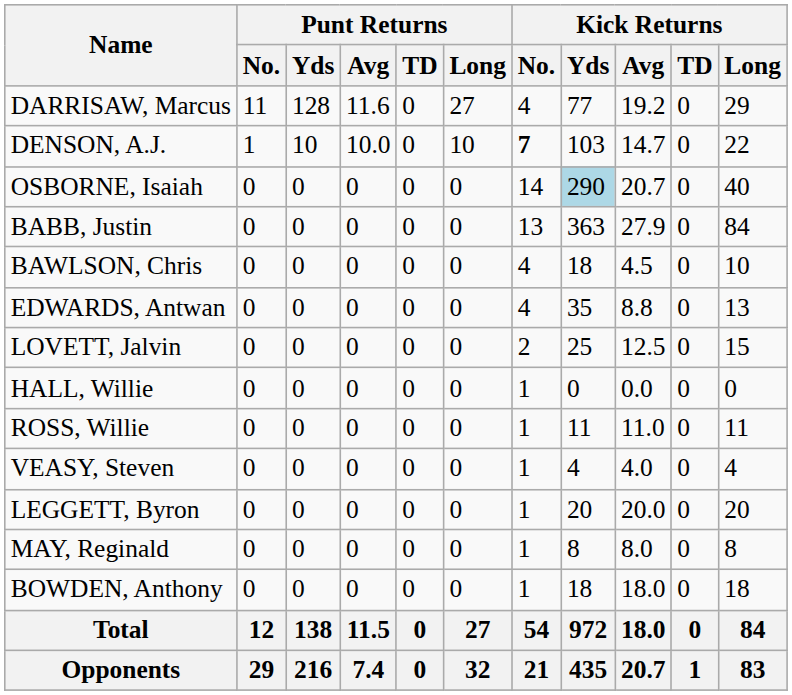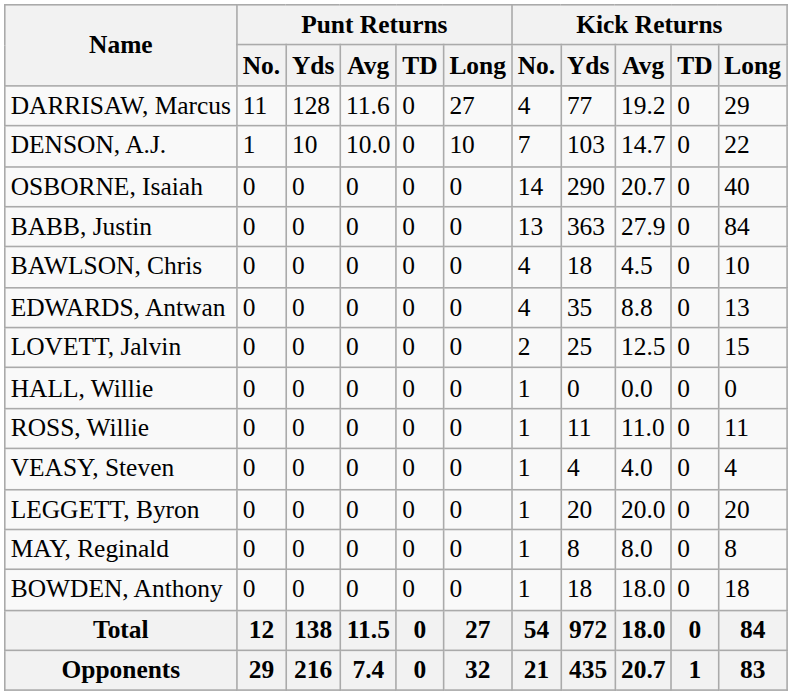 <table class="wikitable" style="white-space:nowrap;">
 <tr>
 <th rowspan="2">Name</th>
 <th colspan="5">Punt Returns</th>
 <th colspan="5">Kick Returns</th>
 </tr>
 <tr>
 <th>No.</th>
 <th>Yds</th>
 <th>Avg</th>
 <th>TD</th>
 <th>Long</th>
 <th>No.</th>
 <th>Yds</th>
 <th>Avg</th>
 <th>TD</th>
 <th>Long</th>
 </tr>
 <tr>
 <td>DARRISAW, Marcus</td>
 <td>11</td>
 <td>128</td>
 <td>11.6</td>
 <td>0</td>
 <td>27</td>
 <td>4</td>
 <td>77</td>
 <td>19.2</td>
 <td>0</td>
 <td>29</td>
 </tr>
 <tr>
 <td>DENSON, A.J.</td>
 <td>1</td>
 <td>10</td>
 <td>10.0</td>
 <td>0</td>
 <td>10</td>
-<td><strong>7</strong></td>
+<td>7</td>
 <td>103</td>
 <td>14.7</td>
 <td>0</td>
 <td>22</td>
 </tr>
 <tr>
 <td>OSBORNE, Isaiah</td>
 <td>0</td>
 <td>0</td>
 <td>0</td>
 <td>0</td>
 <td>0</td>
 <td>14</td>
-<td style="background: lightblue;">290</td>
+<td>290</td>
 <td>20.7</td>
 <td>0</td>
 <td>40</td>
 </tr>
 <tr>
 <td>BABB, Justin</td>
 <td>0</td>
 <td>0</td>
 <td>0</td>
 <td>0</td>
 <td>0</td>
 <td>13</td>
 <td>363</td>
 <td>27.9</td>
 <td>0</td>
 <td>84</td>
 </tr>
 <tr>
 <td>BAWLSON, Chris</td>
 <td>0</td>
 <td>0</td>
 <td>0</td>
 <td>0</td>
 <td>0</td>
 <td>4</td>
 <td>18</td>
 <td>4.5</td>
 <td>0</td>
 <td>10</td>
 </tr>
 <tr>
 <td>EDWARDS, Antwan</td>
 <td>0</td>
 <td>0</td>
 <td>0</td>
 <td>0</td>
 <td>0</td>
 <td>4</td>
 <td>35</td>
 <td>8.8</td>
 <td>0</td>
 <td>13</td>
 </tr>
 <tr>
 <td>LOVETT, Jalvin</td>
 <td>0</td>
 <td>0</td>
 <td>0</td>
 <td>0</td>
 <td>0</td>
 <td>2</td>
 <td>25</td>
 <td>12.5</td>
 <td>0</td>
 <td>15</td>
 </tr>
 <tr>
 <td>HALL, Willie</td>
 <td>0</td>
 <td>0</td>
 <td>0</td>
 <td>0</td>
 <td>0</td>
 <td>1</td>
 <td>0</td>
 <td>0.0</td>
 <td>0</td>
 <td>0</td>
 </tr>
 <tr>
 <td>ROSS, Willie</td>
 <td>0</td>
 <td>0</td>
 <td>0</td>
 <td>0</td>
 <td>0</td>
 <td>1</td>
 <td>11</td>
 <td>11.0</td>
 <td>0</td>
 <td>11</td>
 </tr>
 <tr>
 <td>VEASY, Steven</td>
 <td>0</td>
 <td>0</td>
 <td>0</td>
 <td>0</td>
 <td>0</td>
 <td>1</td>
 <td>4</td>
 <td>4.0</td>
 <td>0</td>
 <td>4</td>
 </tr>
 <tr>
 <td>LEGGETT, Byron</td>
 <td>0</td>
 <td>0</td>
 <td>0</td>
 <td>0</td>
 <td>0</td>
 <td>1</td>
 <td>20</td>
 <td>20.0</td>
 <td>0</td>
 <td>20</td>
 </tr>
 <tr>
 <td>MAY, Reginald</td>
 <td>0</td>
 <td>0</td>
 <td>0</td>
 <td>0</td>
 <td>0</td>
 <td>1</td>
 <td>8</td>
 <td>8.0</td>
 <td>0</td>
 <td>8</td>
 </tr>
 <tr>
 <td>BOWDEN, Anthony</td>
 <td>0</td>
 <td>0</td>
 <td>0</td>
 <td>0</td>
 <td>0</td>
 <td>1</td>
 <td>18</td>
 <td>18.0</td>
 <td>0</td>
 <td>18</td>
 </tr>
 <tr>
 <th><strong>Total</strong></th>
 <th>12</th>
 <th>138</th>
 <th>11.5</th>
 <th>0</th>
 <th>27</th>
 <th>54</th>
 <th>972</th>
 <th>18.0</th>
 <th>0</th>
 <th>84</th>
 </tr>
 <tr>
 <th><strong>Opponents</strong></th>
 <th>29</th>
 <th>216</th>
 <th>7.4</th>
 <th>0</th>
 <th>32</th>
 <th>21</th>
 <th>435</th>
 <th>20.7</th>
 <th>1</th>
 <th>83</th>
 </tr>
 </table>
